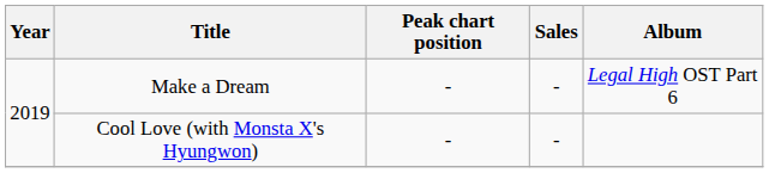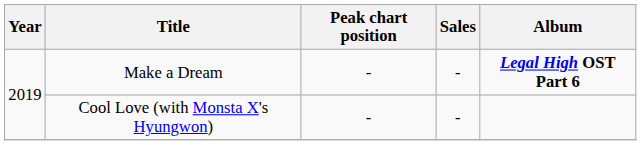 <table class="wikitable plainrowheaders" style="text-align:center">
 <tr>
 <th scope="col">Year</th>
 <th scope="col">Title</th>
 <th scope="col">Peak chart position</th>
 <th scope="col">Sales</th>
 <th scope="col">Album</th>
 </tr>
 <tr>
 <td rowspan="2">2019</td>
 <td>Make a Dream</td>
 <td>-</td>
 <td>-</td>
-<td><em><a href='#'>Legal High</a></em> OST Part 6</td>
+<td><strong><em><a href='#'>Legal High</a></em> OST Part 6</strong></td>
 </tr>
 <tr>
 <td>Cool Love (with <a href='#'>Monsta X</a>'s <a href='#'>Hyungwon</a>)</td>
 <td>-</td>
 <td>-</td>
 <td></td>
 </tr>
 <tr>
 </tr>
 </table>
